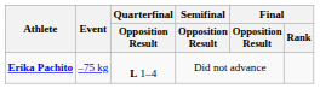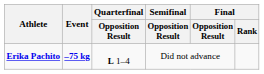 <table class=wikitable style=font-size:90%;text-align:center>
 <tr>
 <th rowspan=2>Athlete</th>
 <th rowspan=2>Event</th>
 <th>Quarterfinal</th>
 <th>Semifinal</th>
 <th colspan=2>Final</th>
 </tr>
 <tr style=font-size:95%>
 <th>Opposition<br>Result</th>
 <th>Opposition<br>Result</th>
 <th>Opposition<br>Result</th>
 <th>Rank</th>
 </tr>
 <tr>
 <td align=left><strong><a href='#'>Erika Pachito</a></strong></td>
-<td align=left><a href='#'>–75 kg</a></td>
+<td align=left><strong><a href='#'>–75 kg</a></strong></td>
 <td><br><strong>L</strong> 1–4</td>
 <td colspan=2>Did not advance</td>
 <td></td>
 </tr>
 </table>
